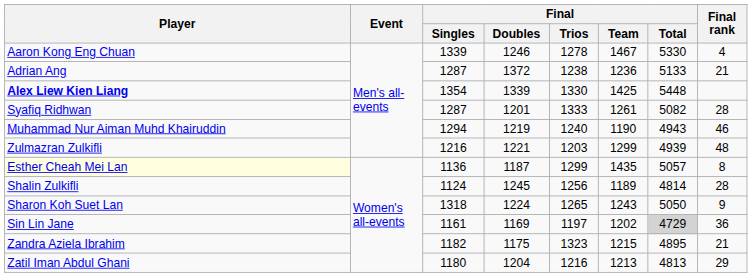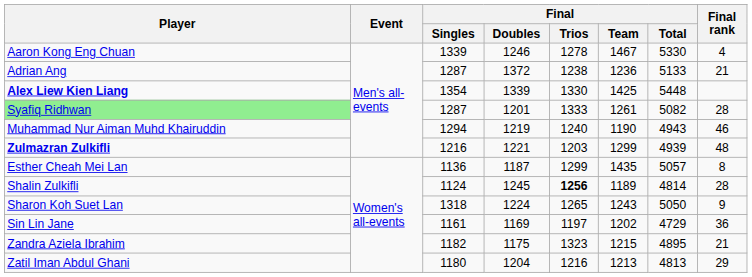 <table class="wikitable" width="70%" style="text-align:center; font-size:90%">
 <tr>
 <th rowspan=2 width="35%">Player</th>
 <th rowspan=2 width="7%">Event</th>
 <th colspan=5 width="10%">Final</th>
 <th rowspan=2 width="5%">Final rank</th>
 </tr>
 <tr>
 <th width="5%">Singles</th>
 <th width="5%">Doubles</th>
 <th width="5%">Trios</th>
 <th width="5%">Team</th>
 <th width="5%">Total</th>
 </tr>
 <tr>
 <td align=left><a href='#'>Aaron Kong Eng Chuan</a></td>
 <td rowspan=6 align=left><a href='#'>Men's all-events</a></td>
 <td>1339</td>
 <td>1246</td>
 <td>1278</td>
 <td>1467</td>
 <td>5330</td>
 <td>4</td>
 </tr>
 <tr>
 <td align=left><a href='#'>Adrian Ang</a></td>
 <td>1287</td>
 <td>1372</td>
 <td>1238</td>
 <td>1236</td>
 <td>5133</td>
 <td>21</td>
 </tr>
 <tr>
 <td align=left><strong><a href='#'>Alex Liew Kien Liang</a></strong></td>
 <td>1354</td>
 <td>1339</td>
 <td>1330</td>
 <td>1425</td>
 <td>5448</td>
 <td></td>
 </tr>
 <tr>
-<td align=left><a href='#'>Syafiq Ridhwan</a></td>
+<td align=left style="background: lightgreen;"><a href='#'>Syafiq Ridhwan</a></td>
 <td>1287</td>
 <td>1201</td>
 <td>1333</td>
 <td>1261</td>
 <td>5082</td>
 <td>28</td>
 </tr>
 <tr>
 <td align=left><a href='#'>Muhammad Nur Aiman Muhd Khairuddin</a></td>
 <td>1294</td>
 <td>1219</td>
 <td>1240</td>
 <td>1190</td>
 <td>4943</td>
 <td>46</td>
 </tr>
 <tr>
-<td align=left><a href='#'>Zulmazran Zulkifli</a></td>
+<td align=left><strong><a href='#'>Zulmazran Zulkifli</a></strong></td>
 <td>1216</td>
 <td>1221</td>
 <td>1203</td>
 <td>1299</td>
 <td>4939</td>
 <td>48</td>
 </tr>
 <tr>
-<td align=left style="background: lightyellow;"><a href='#'>Esther Cheah Mei Lan</a></td>
+<td align=left><a href='#'>Esther Cheah Mei Lan</a></td>
 <td rowspan=6 align=left><a href='#'>Women's all-events</a></td>
 <td>1136</td>
 <td>1187</td>
 <td>1299</td>
 <td>1435</td>
 <td>5057</td>
 <td>8</td>
 </tr>
 <tr>
 <td align=left><a href='#'>Shalin Zulkifli</a></td>
 <td>1124</td>
 <td>1245</td>
-<td>1256</td>
+<td><strong>1256</strong></td>
 <td>1189</td>
 <td>4814</td>
 <td>28</td>
 </tr>
 <tr>
 <td align=left><a href='#'>Sharon Koh Suet Lan</a></td>
 <td>1318</td>
 <td>1224</td>
 <td>1265</td>
 <td>1243</td>
 <td>5050</td>
 <td>9</td>
 </tr>
 <tr>
 <td align=left><a href='#'>Sin Lin Jane</a></td>
 <td>1161</td>
 <td>1169</td>
 <td>1197</td>
 <td>1202</td>
-<td style="background: lightgrey;">4729</td>
+<td>4729</td>
 <td>36</td>
 </tr>
 <tr>
 <td align=left><a href='#'>Zandra Aziela Ibrahim</a></td>
 <td>1182</td>
 <td>1175</td>
 <td>1323</td>
 <td>1215</td>
 <td>4895</td>
 <td>21</td>
 </tr>
 <tr>
 <td align=left><a href='#'>Zatil Iman Abdul Ghani</a></td>
 <td>1180</td>
 <td>1204</td>
 <td>1216</td>
 <td>1213</td>
 <td>4813</td>
 <td>29</td>
 </tr>
 </table>
